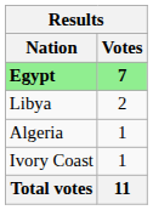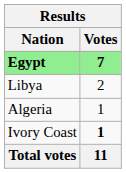 <table class="wikitable" style="float:center; text-align:center">
 <tr>
 <th colspan="2">Results</th>
 </tr>
 <tr>
 <th>Nation</th>
 <th>Votes</th>
 </tr>
 <tr style="background:#90ee90">
 <td align=left> <strong>Egypt</strong></td>
 <td><strong>7</strong></td>
 </tr>
 <tr>
 <td align=left> Libya</td>
 <td>2</td>
 </tr>
 <tr>
 <td align=left> Algeria</td>
 <td>1</td>
 </tr>
 <tr>
 <td align=left> Ivory Coast</td>
-<td>1</td>
+<td><strong>1</strong></td>
 </tr>
 <tr>
 <th align=left>Total votes</th>
 <th>11</th>
 </tr>
 </table>
